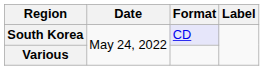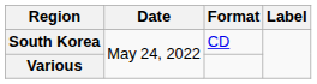 <table class="wikitable plainrowheaders">
 <tr>
 <th scope="col">Region</th>
 <th scope="col">Date</th>
 <th scope="col">Format</th>
 <th scope="col">Label</th>
 </tr>
 <tr>
 <th scope="row">South Korea</th>
 <td rowspan="2">May 24, 2022</td>
-<td style="background: lavender;"><a href='#'>CD</a></td>
+<td><a href='#'>CD</a></td>
 <td rowspan="2"></td>
 </tr>
 <tr>
 <th scope="row">Various </th>
 <td></td>
 </tr>
 </table>
